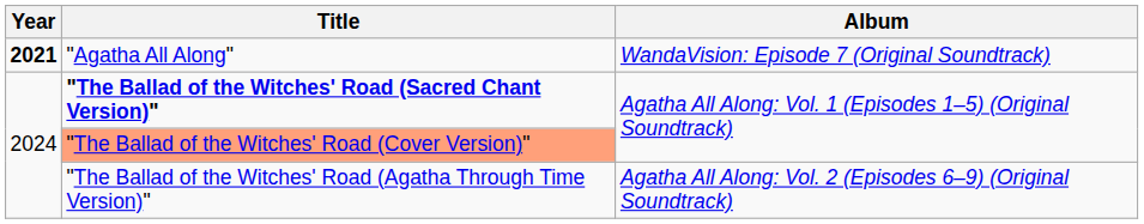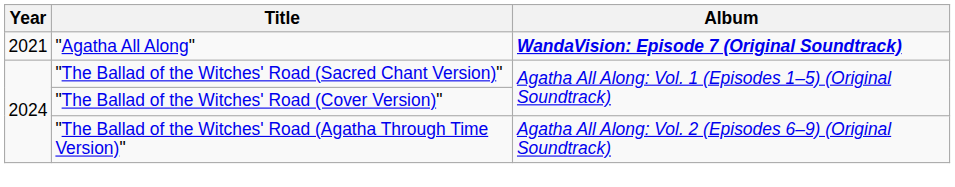 <table class="wikitable">
 <tr>
 <th scope="col">Year</th>
 <th scope="col">Title</th>
 <th scope="col">Album</th>
 </tr>
 <tr>
-<td><strong>2021</strong></td>
+<td>2021</td>
 <td scope="row">"<a href='#'>Agatha All Along</a>"</td>
-<td><em><a href='#'>WandaVision: Episode 7 (Original Soundtrack)</a></em></td>
+<td><strong><em><a href='#'>WandaVision: Episode 7 (Original Soundtrack)</a></em></strong></td>
 </tr>
 <tr>
 <td rowspan=3>2024</td>
-<td><strong>"<a href='#'>The Ballad of the Witches' Road (Sacred Chant Version)</a>"</strong></td>
+<td>"<a href='#'>The Ballad of the Witches' Road (Sacred Chant Version)</a>"</td>
 <td rowspan=2><em><a href='#'>Agatha All Along: Vol. 1 (Episodes 1–5) (Original Soundtrack)</a></em></td>
 </tr>
 <tr>
-<td style="background: lightsalmon;">"<a href='#'>The Ballad of the Witches' Road (Cover Version)</a>"</td>
+<td>"<a href='#'>The Ballad of the Witches' Road (Cover Version)</a>"</td>
 </tr>
 <tr>
 <td>"<a href='#'>The Ballad of the Witches' Road (Agatha Through Time Version)</a>"</td>
 <td><em><a href='#'>Agatha All Along: Vol. 2 (Episodes 6–9) (Original Soundtrack)</a></em></td>
 </tr>
 </table>
